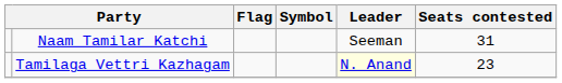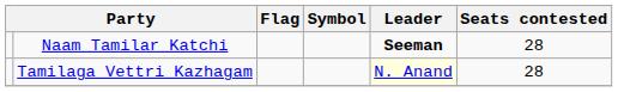 <table class="wikitable " " style="text-align:center;">
 <tr>
 <th colspan="2">Party</th>
 <th>Flag</th>
 <th>Symbol</th>
 <th>Leader</th>
 <th>Seats contested</th>
 </tr>
 <tr>
 <td></td>
 <td><a href='#'>Naam Tamilar Katchi</a></td>
 <td></td>
 <td></td>
-<td>Seeman</td>
-<td>31</td>
+<td><strong>Seeman</strong></td>
+<td>28</td>
 </tr>
 <tr>
 <td></td>
 <td><a href='#'>Tamilaga Vettri Kazhagam</a></td>
 <td></td>
 <td></td>
 <td style="background: lightyellow;"><a href='#'>N. Anand</a></td>
-<td>23</td>
+<td>28</td>
 </tr>
 <tr>
 </tr>
 </table>
